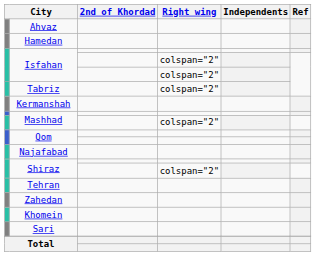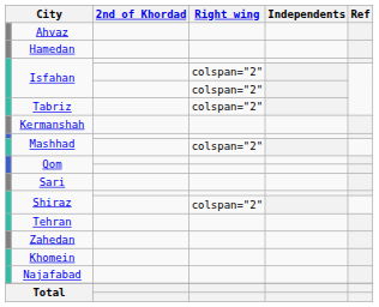 <table class="wikitable" style="text-align:center;">
 <tr>
 <th colspan="2" style="width: 100px;">City</th>
 <th><a href='#'>2nd of Khordad</a></th>
 <th><a href='#'>Right wing</a></th>
 <th>Independents</th>
 <th>Ref</th>
 </tr>
 <tr>
 <td style="background:gray;"></td>
 <td><a href='#'>Ahvaz</a></td>
 <td></td>
 <td></td>
 <td></td>
 <th></th>
 </tr>
 <tr>
 <td style="background:gray;"></td>
 <td><a href='#'>Hamedan</a></td>
 <td></td>
 <td></td>
 <td></td>
 <th></th>
 </tr>
 <tr>
 <td rowspan="3" style="background:#28c0a6;"></td>
 <td rowspan="3"><a href='#'>Isfahan</a></td>
 <td></td>
 <td></td>
 <td></td>
 <th></th>
 </tr>
 <tr>
 <td></td>
 <td>colspan="2" </td>
 <th></th>
 </tr>
 <tr>
 <td></td>
 <td>colspan="2" </td>
 <th></th>
 </tr>
 <tr>
 <td style="background:#28c0a6;"></td>
 <td><a href='#'>Tabriz</a></td>
 <td></td>
 <td>colspan="2" </td>
 <th></th>
 </tr>
 <tr>
 <td style="background:gray;"></td>
 <td><a href='#'>Kermanshah</a></td>
 <td></td>
 <td></td>
 <td></td>
 <th></th>
 </tr>
 <tr>
 <td style="background:#3a5fcd;"></td>
 <td rowspan="2"><a href='#'>Mashhad</a></td>
 <td></td>
 <td></td>
 <td></td>
 <th></th>
 </tr>
 <tr>
 <td style="background:#28c0a6;"></td>
 <td></td>
 <td>colspan="2" </td>
 <th></th>
 </tr>
 <tr>
 <td rowspan="2" style="background:#3a5fcd;"></td>
 <td rowspan="2"><a href='#'>Qom</a></td>
 <td></td>
 <td></td>
 <td></td>
 <th></th>
 </tr>
 <tr>
 <td></td>
 <td></td>
 <td></td>
 <th></th>
 </tr>
 <tr>
-<td style="background:#28c0a6;"></td>
-<td><a href='#'>Najafabad</a></td>
+<td style="background:gray;"></td>
+<td><a href='#'>Sari</a></td>
 <td></td>
 <td></td>
 <td></td>
 <th></th>
 </tr>
 <tr>
 <td rowspan="2" style="background:#28c0a6;"></td>
 <td rowspan="2"><a href='#'>Shiraz</a></td>
 <td></td>
 <td></td>
 <td></td>
 <th></th>
 </tr>
 <tr>
 <td></td>
 <td>colspan="2" </td>
 <th></th>
 </tr>
 <tr>
 <td style="background:#28c0a6;"></td>
 <td><a href='#'>Tehran</a></td>
 <td></td>
 <td></td>
 <td></td>
 <th></th>
 </tr>
 <tr>
 <td style="background:gray;"></td>
 <td><a href='#'>Zahedan</a></td>
 <td></td>
 <td></td>
 <td></td>
 <th></th>
 </tr>
 <tr>
 <td style="background:#28c0a6;"></td>
 <td><a href='#'>Khomein</a></td>
 <td></td>
 <td></td>
 <td></td>
 <th></th>
 </tr>
 <tr>
-<td style="background:gray;"></td>
-<td><a href='#'>Sari</a></td>
+<td style="background:#28c0a6;"></td>
+<td><a href='#'>Najafabad</a></td>
 <td></td>
 <td></td>
 <td></td>
 <th></th>
 </tr>
 <tr>
 </tr>
 <tr>
 <th colspan="2" rowspan="2">Total</th>
 <th></th>
 <th></th>
 <th></th>
 <th></th>
 </tr>
 <tr>
 <th></th>
 <th></th>
 <th></th>
 <th></th>
 </tr>
 </table>
